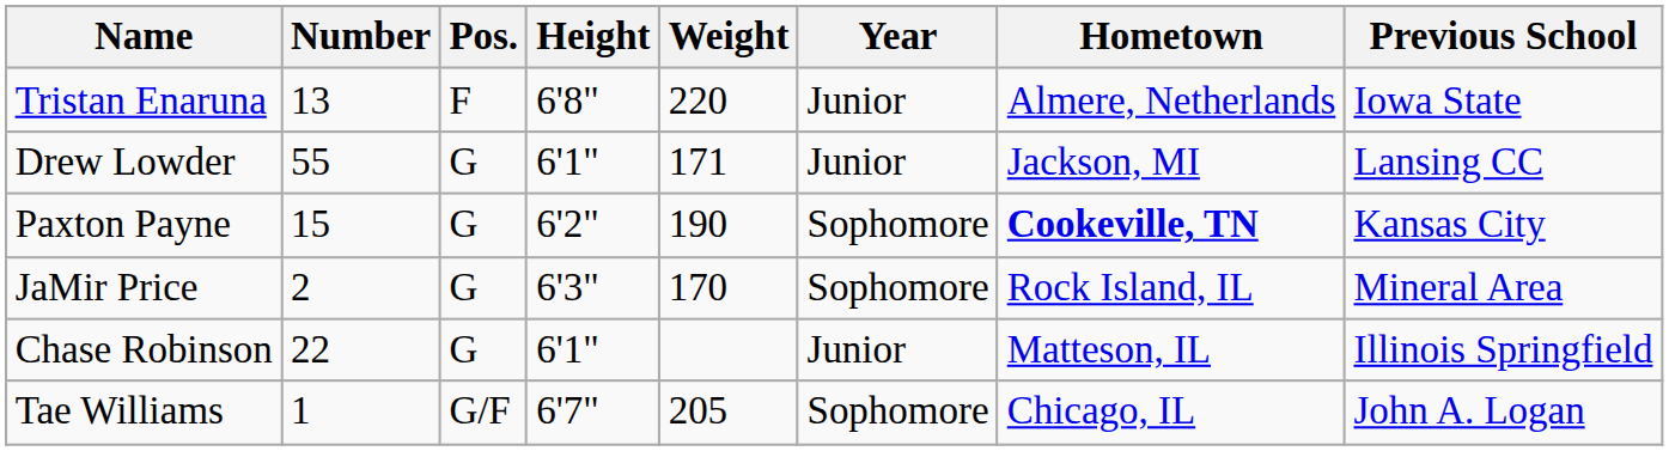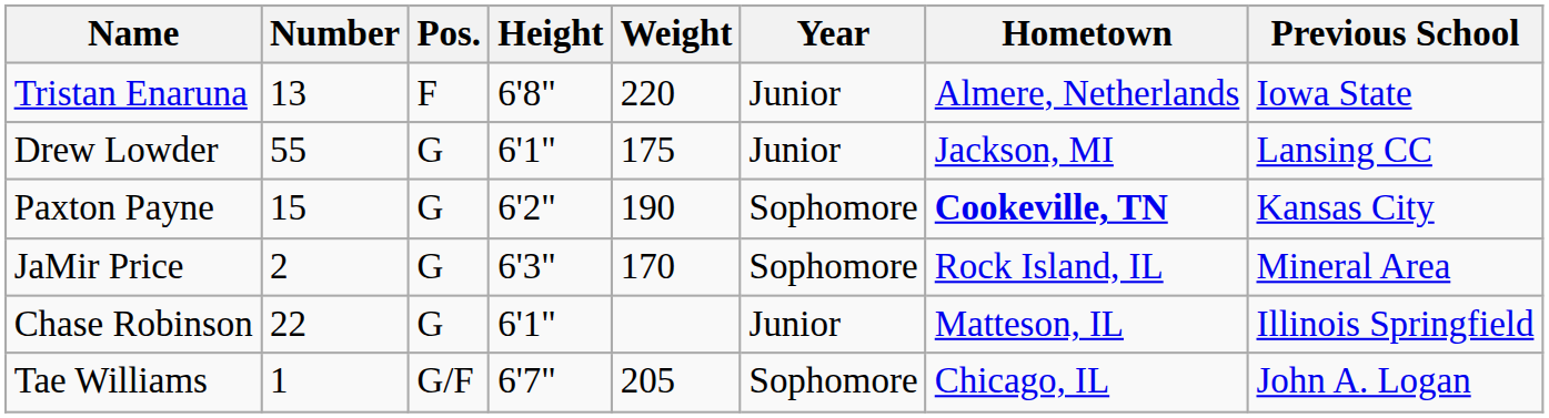 <table class="wikitable sortable" border="1">
 <tr>
 <th>Name</th>
 <th>Number</th>
 <th>Pos.</th>
 <th>Height</th>
 <th>Weight</th>
 <th>Year</th>
 <th>Hometown</th>
 <th>Previous School</th>
 </tr>
 <tr>
 <td><a href='#'>Tristan Enaruna</a></td>
 <td>13</td>
 <td>F</td>
 <td>6'8"</td>
 <td>220</td>
 <td>Junior</td>
 <td><a href='#'>Almere, Netherlands</a></td>
 <td><a href='#'>Iowa State</a></td>
 </tr>
 <tr>
 <td>Drew Lowder</td>
 <td>55</td>
 <td>G</td>
 <td>6'1"</td>
-<td>171</td>
+<td>175</td>
 <td>Junior</td>
 <td><a href='#'>Jackson, MI</a></td>
 <td><a href='#'>Lansing CC</a></td>
 </tr>
 <tr>
 <td>Paxton Payne</td>
 <td>15</td>
 <td>G</td>
 <td>6'2"</td>
 <td>190</td>
 <td>Sophomore</td>
 <td><strong><a href='#'>Cookeville, TN</a></strong></td>
 <td><a href='#'>Kansas City</a></td>
 </tr>
 <tr>
 <td>JaMir Price</td>
 <td>2</td>
 <td>G</td>
 <td>6'3"</td>
 <td>170</td>
 <td>Sophomore</td>
 <td><a href='#'>Rock Island, IL</a></td>
 <td><a href='#'>Mineral Area</a></td>
 </tr>
 <tr>
 <td>Chase Robinson</td>
 <td>22</td>
 <td>G</td>
 <td>6'1"</td>
 <td></td>
 <td>Junior</td>
 <td><a href='#'>Matteson, IL</a></td>
 <td><a href='#'>Illinois Springfield</a></td>
 </tr>
 <tr>
 <td>Tae Williams</td>
 <td>1</td>
 <td>G/F</td>
 <td>6'7"</td>
 <td>205</td>
 <td>Sophomore</td>
 <td><a href='#'>Chicago, IL</a></td>
 <td><a href='#'>John A. Logan</a></td>
 </tr>
 </table>
